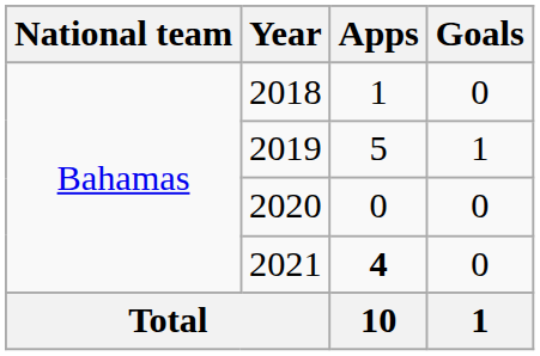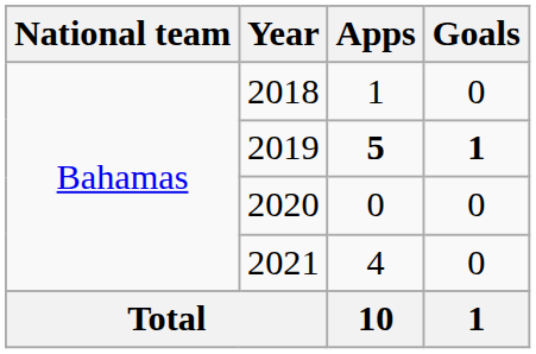 <table class="wikitable" style="text-align:center">
 <tr>
 <th>National team</th>
 <th>Year</th>
 <th>Apps</th>
 <th>Goals</th>
 </tr>
 <tr>
 <td rowspan="4"><a href='#'>Bahamas</a></td>
 <td>2018</td>
 <td>1</td>
 <td>0</td>
 </tr>
 <tr>
 <td>2019</td>
-<td>5</td>
-<td>1</td>
+<td><strong>5</strong></td>
+<td><strong>1</strong></td>
 </tr>
 <tr>
 <td>2020</td>
 <td>0</td>
 <td>0</td>
 </tr>
 <tr>
 <td>2021</td>
-<td><strong>4</strong></td>
+<td>4</td>
 <td>0</td>
 </tr>
 <tr>
 <th colspan=2>Total</th>
 <th>10</th>
 <th>1</th>
 </tr>
 </table>
